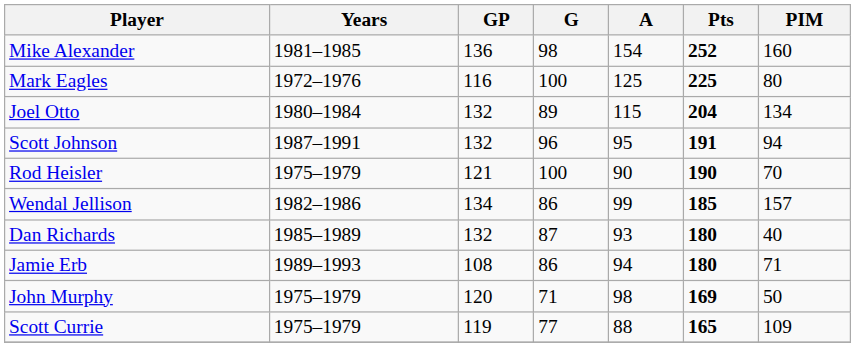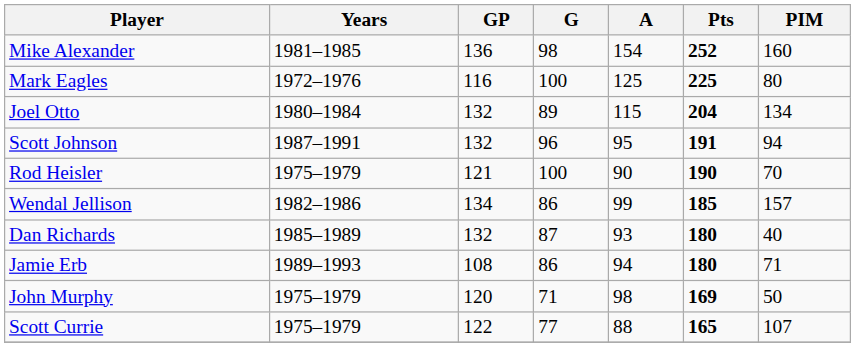 <table class="wikitable sortable" width ="700">
 <tr>
 <th>Player</th>
 <th>Years</th>
 <th>GP</th>
 <th>G</th>
 <th>A</th>
 <th>Pts</th>
 <th>PIM</th>
 </tr>
 <tr>
 <td><a href='#'>Mike Alexander</a></td>
 <td>1981–1985</td>
 <td>136</td>
 <td>98</td>
 <td>154</td>
 <td><strong>252</strong></td>
 <td>160</td>
 </tr>
 <tr>
 <td><a href='#'>Mark Eagles</a></td>
 <td>1972–1976</td>
 <td>116</td>
 <td>100</td>
 <td>125</td>
 <td><strong>225</strong></td>
 <td>80</td>
 </tr>
 <tr>
 <td><a href='#'>Joel Otto</a></td>
 <td>1980–1984</td>
 <td>132</td>
 <td>89</td>
 <td>115</td>
 <td><strong>204</strong></td>
 <td>134</td>
 </tr>
 <tr>
 <td><a href='#'>Scott Johnson</a></td>
 <td>1987–1991</td>
 <td>132</td>
 <td>96</td>
 <td>95</td>
 <td><strong>191</strong></td>
 <td>94</td>
 </tr>
 <tr>
 <td><a href='#'>Rod Heisler</a></td>
 <td>1975–1979</td>
 <td>121</td>
 <td>100</td>
 <td>90</td>
 <td><strong>190</strong></td>
 <td>70</td>
 </tr>
 <tr>
 <td><a href='#'>Wendal Jellison</a></td>
 <td>1982–1986</td>
 <td>134</td>
 <td>86</td>
 <td>99</td>
 <td><strong>185</strong></td>
 <td>157</td>
 </tr>
 <tr>
 <td><a href='#'>Dan Richards</a></td>
 <td>1985–1989</td>
 <td>132</td>
 <td>87</td>
 <td>93</td>
 <td><strong>180</strong></td>
 <td>40</td>
 </tr>
 <tr>
 <td><a href='#'>Jamie Erb</a></td>
 <td>1989–1993</td>
 <td>108</td>
 <td>86</td>
 <td>94</td>
 <td><strong>180</strong></td>
 <td>71</td>
 </tr>
 <tr>
 <td><a href='#'>John Murphy</a></td>
 <td>1975–1979</td>
 <td>120</td>
 <td>71</td>
 <td>98</td>
 <td><strong>169</strong></td>
 <td>50</td>
 </tr>
 <tr>
 <td><a href='#'>Scott Currie</a></td>
 <td>1975–1979</td>
-<td>119</td>
+<td>122</td>
 <td>77</td>
 <td>88</td>
 <td><strong>165</strong></td>
-<td>109</td>
+<td>107</td>
 </tr>
 <tr>
 </tr>
 </table>
